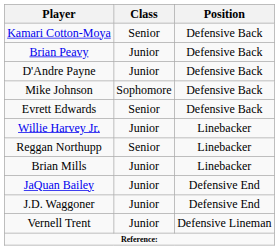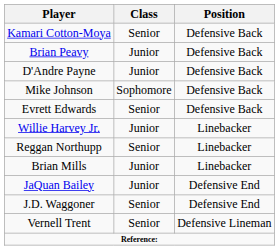 <table class="wikitable" style="text-align: center">
 <tr align=center>
 <th>Player</th>
 <th>Class</th>
 <th>Position</th>
 </tr>
 <tr>
 <td><a href='#'>Kamari Cotton-Moya</a></td>
 <td>Senior</td>
 <td>Defensive Back</td>
 </tr>
 <tr>
 <td><a href='#'>Brian Peavy</a></td>
 <td>Junior</td>
 <td>Defensive Back</td>
 </tr>
 <tr>
 <td>D'Andre Payne</td>
 <td>Junior</td>
 <td>Defensive Back</td>
 </tr>
 <tr>
 <td>Mike Johnson</td>
 <td>Sophomore</td>
 <td>Defensive Back</td>
 </tr>
 <tr>
 <td>Evrett Edwards</td>
 <td>Senior</td>
 <td>Defensive Back</td>
 </tr>
 <tr>
 <td><a href='#'>Willie Harvey Jr.</a></td>
 <td>Junior</td>
 <td>Linebacker</td>
 </tr>
 <tr>
 <td>Reggan Northupp</td>
 <td>Senior</td>
 <td>Linebacker</td>
 </tr>
 <tr>
 <td>Brian Mills</td>
 <td>Junior</td>
 <td>Linebacker</td>
 </tr>
 <tr>
 <td><a href='#'>JaQuan Bailey</a></td>
 <td>Junior</td>
 <td>Defensive End</td>
 </tr>
 <tr>
 <td>J.D. Waggoner</td>
-<td>Junior</td>
+<td>Senior</td>
 <td>Defensive End</td>
 </tr>
 <tr>
 <td>Vernell Trent</td>
-<td>Junior</td>
+<td>Senior</td>
 <td>Defensive Lineman</td>
 </tr>
 <tr>
 <td colspan="3"  style="font-size:8pt; text-align:center;"><strong>Reference:</strong></td>
 </tr>
 </table>
